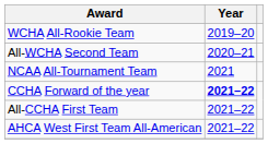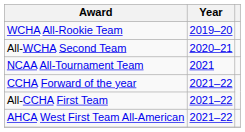 <table class="wikitable">
 <tr>
 <th>Award</th>
 <th>Year</th>
 <th></th>
 </tr>
 <tr>
 <td><a href='#'>WCHA</a> <a href='#'>All-Rookie Team</a></td>
 <td><a href='#'>2019–20</a></td>
 <td></td>
 </tr>
 <tr>
 <td>All-<a href='#'>WCHA</a> <a href='#'>Second Team</a></td>
 <td><a href='#'>2020–21</a></td>
 <td></td>
 </tr>
 <tr>
 <td><a href='#'>NCAA</a> <a href='#'>All-Tournament Team</a></td>
 <td><a href='#'>2021</a></td>
 <td></td>
 </tr>
 <tr>
 <td><a href='#'>CCHA</a> <a href='#'>Forward of the year</a></td>
-<td><strong><a href='#'>2021–22</a></strong></td>
+<td><a href='#'>2021–22</a></td>
 <td rowspan="2"></td>
 </tr>
 <tr>
 <td>All-<a href='#'>CCHA</a> <a href='#'>First Team</a></td>
 <td><a href='#'>2021–22</a></td>
 </tr>
 <tr>
 <td><a href='#'>AHCA</a> <a href='#'>West First Team All-American</a></td>
 <td><a href='#'>2021–22</a></td>
 <td></td>
 </tr>
 <tr>
 </tr>
 </table>
